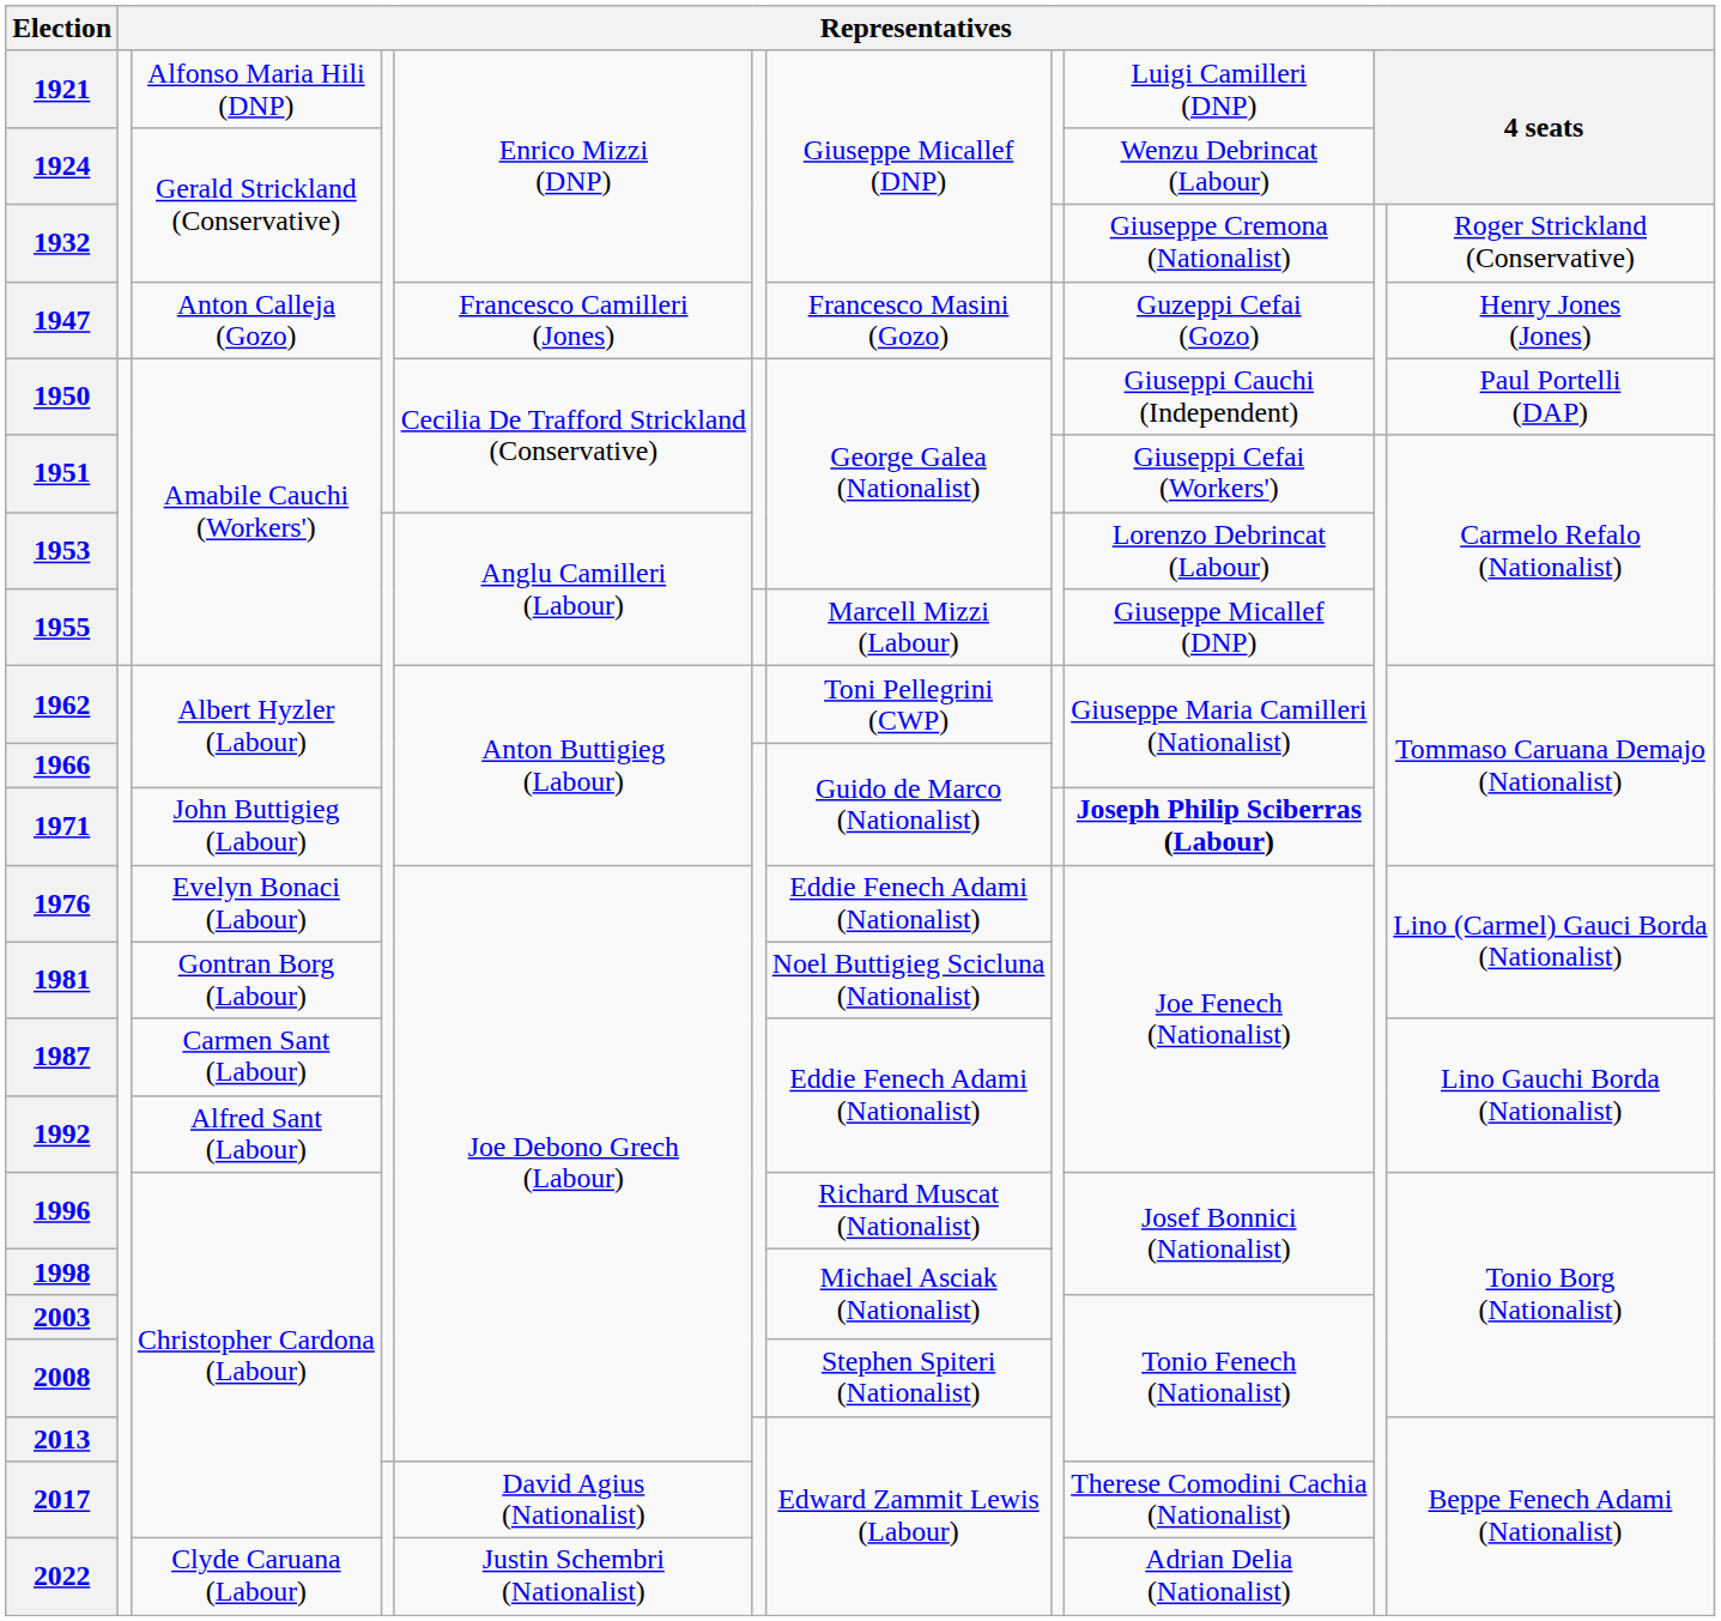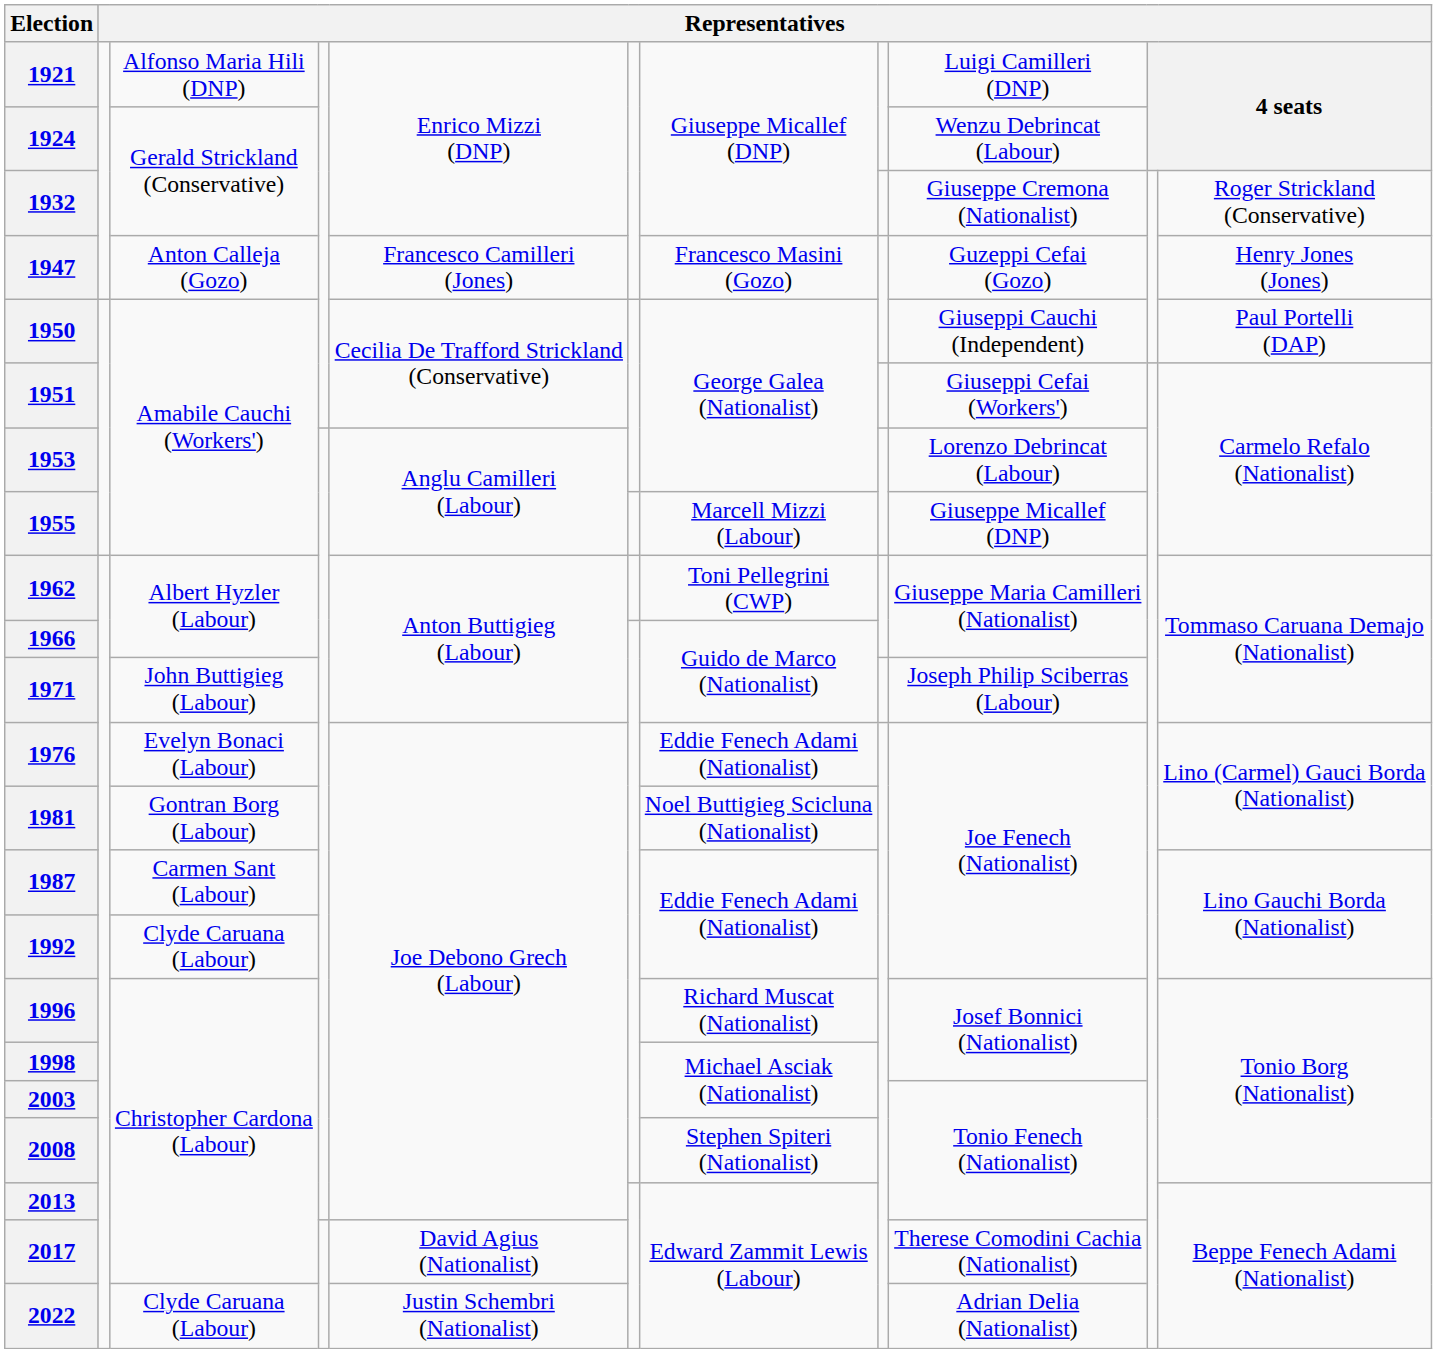 <table class="wikitable" style="text-align:center">
 <tr>
 <th>Election</th>
 <th colspan=10>Representatives</th>
 </tr>
 <tr>
 <th><a href='#'>1921</a></th>
 <td rowspan=4; style="background-color: "></td>
 <td rowspan=1><a href='#'>Alfonso Maria Hili</a><br>(<a href='#'>DNP</a>)</td>
 <td rowspan=6; style="background-color: "></td>
 <td rowspan=3><a href='#'>Enrico Mizzi</a><br>(<a href='#'>DNP</a>)</td>
 <td rowspan=4; style="background-color: "></td>
 <td rowspan=3><a href='#'>Giuseppe Micallef</a><br>(<a href='#'>DNP</a>)</td>
 <td rowspan=2; style="background-color: "></td>
 <td rowspan=1><a href='#'>Luigi Camilleri</a><br>(<a href='#'>DNP</a>)</td>
 <th colspan=2; rowspan=2>4 seats</th>
 </tr>
 <tr>
 <th><a href='#'>1924</a></th>
 <td rowspan=2><a href='#'>Gerald Strickland</a><br>(Conservative)</td>
 <td rowspan=1><a href='#'>Wenzu Debrincat</a><br>(<a href='#'>Labour</a>)</td>
 </tr>
 <tr>
 <th><a href='#'>1932</a></th>
 <td rowspan=1; style="background-color: "></td>
 <td rowspan=1><a href='#'>Giuseppe Cremona</a><br>(<a href='#'>Nationalist</a>)</td>
 <td rowspan=3; style="background-color: "></td>
 <td rowspan=1><a href='#'>Roger Strickland</a><br>(Conservative)</td>
 </tr>
 <tr>
 <th><a href='#'>1947</a></th>
 <td rowspan=1><a href='#'>Anton Calleja</a><br>(<a href='#'>Gozo</a>)</td>
 <td rowspan=1><a href='#'>Francesco Camilleri</a><br>(<a href='#'>Jones</a>)</td>
 <td rowspan=1><a href='#'>Francesco Masini</a><br>(<a href='#'>Gozo</a>)</td>
 <td rowspan=2; style="background-color: "></td>
 <td rowspan=1><a href='#'>Guzeppi Cefai</a><br>(<a href='#'>Gozo</a>)</td>
 <td rowspan=1><a href='#'>Henry Jones</a><br>(<a href='#'>Jones</a>)</td>
 </tr>
 <tr>
 <th><a href='#'>1950</a></th>
 <td rowspan=4; style="background-color: "></td>
 <td rowspan=4><a href='#'>Amabile Cauchi</a><br>(<a href='#'>Workers'</a>)</td>
 <td rowspan=2><a href='#'>Cecilia De Trafford Strickland</a><br>(Conservative)</td>
 <td rowspan=3; style="background-color: "></td>
 <td rowspan=3><a href='#'>George Galea</a><br>(<a href='#'>Nationalist</a>)</td>
 <td rowspan=1><a href='#'>Giuseppi Cauchi</a><br>(Independent)</td>
 <td rowspan=1><a href='#'>Paul Portelli</a><br>(<a href='#'>DAP</a>)</td>
 </tr>
 <tr>
 <th><a href='#'>1951</a></th>
 <td rowspan=1; style="background-color: "></td>
 <td rowspan=1><a href='#'>Giuseppi Cefai</a><br>(<a href='#'>Workers'</a>)</td>
 <td rowspan=17; style="background-color: "></td>
 <td rowspan=3><a href='#'>Carmelo Refalo</a><br>(<a href='#'>Nationalist</a>)</td>
 </tr>
 <tr>
 <th><a href='#'>1953</a></th>
 <td rowspan=14; style="background-color: "></td>
 <td rowspan=2><a href='#'>Anglu Camilleri</a><br>(<a href='#'>Labour</a>)</td>
 <td rowspan=2; style="background-color: "></td>
 <td rowspan=1><a href='#'>Lorenzo Debrincat</a><br>(<a href='#'>Labour</a>)</td>
 </tr>
 <tr>
 <th><a href='#'>1955</a></th>
 <td rowspan=1; style="background-color: "></td>
 <td rowspan=1><a href='#'>Marcell Mizzi</a><br>(<a href='#'>Labour</a>)</td>
 <td rowspan=1><a href='#'>Giuseppe Micallef</a><br>(<a href='#'>DNP</a>)</td>
 </tr>
 <tr>
 <th><a href='#'>1962</a></th>
 <td rowspan=14; style="background-color: "></td>
 <td rowspan=2><a href='#'>Albert Hyzler</a><br>(<a href='#'>Labour</a>)</td>
 <td rowspan=3><a href='#'>Anton Buttigieg</a><br>(<a href='#'>Labour</a>)</td>
 <td rowspan=1; style="background-color: "></td>
 <td rowspan=1><a href='#'>Toni Pellegrini</a><br>(<a href='#'>CWP</a>)</td>
 <td rowspan=2; style="background-color: "></td>
 <td rowspan=2><a href='#'>Giuseppe Maria Camilleri</a><br>(<a href='#'>Nationalist</a>)</td>
 <td rowspan=3><a href='#'>Tommaso Caruana Demajo</a><br>(<a href='#'>Nationalist</a>)</td>
 </tr>
 <tr>
 <th><a href='#'>1966</a></th>
 <td rowspan=10; style="background-color: "></td>
 <td rowspan=2><a href='#'>Guido de Marco</a><br>(<a href='#'>Nationalist</a>)</td>
 </tr>
 <tr>
 <th><a href='#'>1971</a></th>
 <td rowspan=1><a href='#'>John Buttigieg</a><br>(<a href='#'>Labour</a>)</td>
 <td rowspan=1; style="background-color: "></td>
-<td rowspan=1><strong><a href='#'>Joseph Philip Sciberras</a><br>(<a href='#'>Labour</a>)</strong></td>
+<td rowspan=1><a href='#'>Joseph Philip Sciberras</a><br>(<a href='#'>Labour</a>)</td>
 </tr>
 <tr>
 <th><a href='#'>1976</a></th>
 <td rowspan=1><a href='#'>Evelyn Bonaci</a><br>(<a href='#'>Labour</a>)</td>
 <td rowspan=9><a href='#'>Joe Debono Grech</a><br>(<a href='#'>Labour</a>)</td>
 <td rowspan=1><a href='#'>Eddie Fenech Adami</a><br>(<a href='#'>Nationalist</a>)</td>
 <td rowspan=11; style="background-color: "></td>
 <td rowspan=4><a href='#'>Joe Fenech</a><br>(<a href='#'>Nationalist</a>)</td>
 <td rowspan=2><a href='#'>Lino (Carmel) Gauci Borda</a><br>(<a href='#'>Nationalist</a>)</td>
 </tr>
 <tr>
 <th><a href='#'>1981</a></th>
 <td rowspan=1><a href='#'>Gontran Borg</a><br>(<a href='#'>Labour</a>)</td>
 <td rowspan=1><a href='#'>Noel Buttigieg Scicluna</a><br>(<a href='#'>Nationalist</a>)</td>
 </tr>
 <tr>
 <th><a href='#'>1987</a></th>
 <td rowspan=1><a href='#'>Carmen Sant</a><br>(<a href='#'>Labour</a>)</td>
 <td rowspan=2><a href='#'>Eddie Fenech Adami</a><br>(<a href='#'>Nationalist</a>)</td>
 <td rowspan=2><a href='#'>Lino Gauchi Borda</a><br>(<a href='#'>Nationalist</a>)</td>
 </tr>
 <tr>
 <th><a href='#'>1992</a></th>
-<td rowspan=1><a href='#'>Alfred Sant</a><br>(<a href='#'>Labour</a>)</td>
+<td rowspan=1><a href='#'>Clyde Caruana</a><br>(<a href='#'>Labour</a>)</td>
 </tr>
 <tr>
 <th><a href='#'>1996</a></th>
 <td rowspan=6><a href='#'>Christopher Cardona</a><br>(<a href='#'>Labour</a>)</td>
 <td rowspan=1><a href='#'>Richard Muscat</a><br>(<a href='#'>Nationalist</a>)</td>
 <td rowspan=2><a href='#'>Josef Bonnici</a><br>(<a href='#'>Nationalist</a>)</td>
 <td rowspan=4><a href='#'>Tonio Borg</a><br>(<a href='#'>Nationalist</a>)</td>
 </tr>
 <tr>
 <th><a href='#'>1998</a></th>
 <td rowspan=2><a href='#'>Michael Asciak</a><br>(<a href='#'>Nationalist</a>)</td>
 </tr>
 <tr>
 <th><a href='#'>2003</a></th>
 <td rowspan=3><a href='#'>Tonio Fenech</a><br>(<a href='#'>Nationalist</a>)</td>
 </tr>
 <tr>
 <th><a href='#'>2008</a></th>
 <td><a href='#'>Stephen Spiteri</a><br>(<a href='#'>Nationalist</a>)</td>
 </tr>
 <tr>
 <th><a href='#'>2013</a></th>
 <td rowspan=3; style="background-color: "></td>
 <td rowspan=3><a href='#'>Edward Zammit Lewis</a><br>(<a href='#'>Labour</a>)</td>
 <td rowspan=3><a href='#'>Beppe Fenech Adami</a><br>(<a href='#'>Nationalist</a>)</td>
 </tr>
 <tr>
 <th><a href='#'>2017</a></th>
 <td rowspan=2; style="background-color: "></td>
 <td><a href='#'>David Agius</a><br>(<a href='#'>Nationalist</a>)</td>
 <td><a href='#'>Therese Comodini Cachia</a><br>(<a href='#'>Nationalist</a>)</td>
 </tr>
 <tr>
 <th><a href='#'>2022</a></th>
 <td rowspan=1><a href='#'>Clyde Caruana</a><br>(<a href='#'>Labour</a>)</td>
 <td rowspan=1><a href='#'>Justin Schembri</a><br>(<a href='#'>Nationalist</a>)</td>
 <td rowspan=1><a href='#'>Adrian Delia</a><br>(<a href='#'>Nationalist</a>)</td>
 </tr>
 </table>
